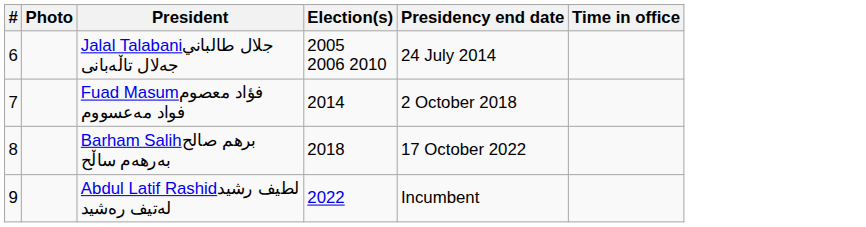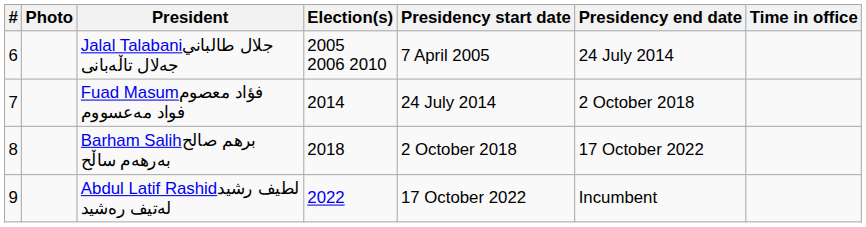 <table class="wikitable">
 <tr>
 <th>#</th>
 <th>Photo</th>
 <th>President</th>
 <th>Election(s)</th>
+<th><strong>Presidency start date</strong></th>
 <th><strong>Presidency end date</strong></th>
 <th>Time in office</th>
 </tr>
 <tr>
 <td>6</td>
 <td></td>
 <td><a href='#'>Jalal Talabani</a>جلال طالباني<br>جەلال تاڵەبانی </td>
 <td>2005<br>2006 2010</td>
+<td>7 April 2005</td>
 <td>24 July 2014</td>
 <td></td>
 </tr>
 <tr>
 <td>7</td>
 <td></td>
 <td><a href='#'>Fuad Masum</a>فؤاد معصوم<br>فواد مەعسووم </td>
 <td>2014</td>
+<td>24 July 2014</td>
 <td>2 October 2018</td>
 <td></td>
 </tr>
 <tr>
 <td>8</td>
 <td></td>
 <td><a href='#'>Barham Salih</a>برهم صالح<br>بەرهەم ساڵح </td>
 <td>2018</td>
+<td>2 October 2018</td>
 <td>17 October 2022</td>
 <td></td>
 </tr>
 <tr>
 <td>9</td>
 <td></td>
 <td><a href='#'>Abdul Latif Rashid</a>لطيف رشيد<br>لەتیف رەشید </td>
 <td><a href='#'>2022</a></td>
+<td>17 October 2022</td>
 <td>Incumbent<br></td>
 <td></td>
 </tr>
 </table>
